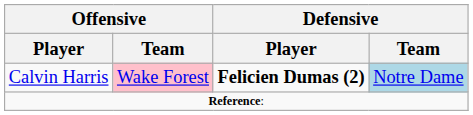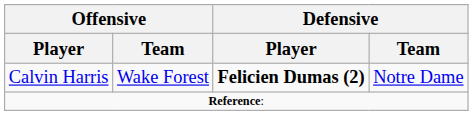 <table class="wikitable" style="text-align: center;">
 <tr>
 <th colspan="2">Offensive</th>
 <th colspan="2">Defensive</th>
 </tr>
 <tr>
 <th>Player</th>
 <th>Team</th>
 <th>Player</th>
 <th>Team</th>
 </tr>
 <tr>
 <td><a href='#'>Calvin Harris</a></td>
-<td style="background: pink;"><a href='#'>Wake Forest</a></td>
+<td><a href='#'>Wake Forest</a></td>
 <td><strong>Felicien Dumas (2)</strong></td>
-<td style="background: lightblue;"><a href='#'>Notre Dame</a></td>
+<td><a href='#'>Notre Dame</a></td>
 </tr>
 <tr>
 <td colspan="12"  style="font-size:8pt; text-align:center;"><strong>Reference</strong>:</td>
 </tr>
 </table>
